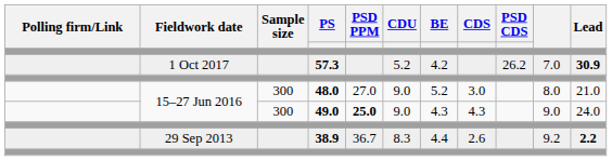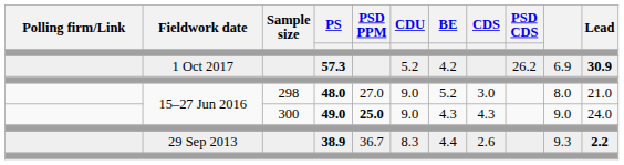 <table class="wikitable collapsible sortable" style="text-align:center; font-size:95%; line-height:16px;">
 <tr style="height:42px;">
 <th style="width:145px;" rowspan="2">Polling firm/Link</th>
 <th style="width:125px;" rowspan="2">Fieldwork date</th>
 <th class="unsortable" style="width:50px;" rowspan="2">Sample size</th>
 <th class="unsortable" style="width:35px;"><a href='#'>PS</a></th>
 <th class="unsortable" style="width:35px;"><a href='#'>PSD</a><br><a href='#'>PPM</a></th>
 <th class="unsortable" style="width:35px;"><a href='#'>CDU</a></th>
 <th class="unsortable" style="width:35px;"><a href='#'>BE</a></th>
 <th class="unsortable" style="width:35px;"><a href='#'>CDS</a></th>
 <th class="unsortable" style="width:35px;"><a href='#'>PSD</a><br><a href='#'>CDS</a></th>
 <th class="unsortable" style="width:35px;" rowspan="2"></th>
 <th class="unsortable" style="width:30px;" rowspan="2">Lead</th>
 </tr>
 <tr>
 <th class="unsortable" style="color:inherit;background:"></th>
 <th class="unsortable" style="color:inherit;background:"></th>
 <th class="unsortable" style="color:inherit;background:"></th>
 <th class="unsortable" style="color:inherit;background:"></th>
 <th class="unsortable" style="color:inherit;background:"></th>
 <th class="unsortable" style="color:inherit;background:"></th>
 </tr>
 <tr>
 <td colspan="11" style="background:#A0A0A0"></td>
 </tr>
 <tr style="background:#EFEFEF;">
 <td><strong></strong></td>
 <td data-sort-value="2019-10-06">1 Oct 2017</td>
 <td></td>
 <td><strong>57.3</strong><br></td>
 <td></td>
 <td>5.2<br></td>
 <td>4.2<br></td>
 <td></td>
 <td>26.2<br></td>
-<td>7.0<br></td>
+<td>6.9<br></td>
 <td style="background:"><strong>30.9</strong></td>
 </tr>
 <tr>
 <td colspan="11" style="background:#A0A0A0"></td>
 </tr>
 <tr>
 <td align="center"></td>
 <td rowspan="2" align="center">15–27 Jun 2016</td>
-<td>300</td>
+<td>298</td>
 <td align="center" ><strong>48.0</strong></td>
 <td align="center">27.0</td>
 <td align="center">9.0</td>
 <td align="center">5.2</td>
 <td align="center">3.0</td>
 <td></td>
 <td align="center">8.0</td>
 <td style="background:">21.0</td>
 </tr>
 <tr>
 <td align="center"></td>
 <td>300</td>
 <td align="center" ><strong>49.0</strong></td>
 <td align="center"><strong>25.0</strong></td>
 <td align="center">9.0</td>
 <td align="center">4.3</td>
 <td align="center">4.3</td>
 <td></td>
 <td align="center">9.0</td>
 <td style="background:">24.0</td>
 </tr>
 <tr>
 <td colspan="11" style="background:#A0A0A0"></td>
 </tr>
 <tr style="background:#EFEFEF;">
 <td><strong></strong></td>
 <td data-sort-value="2019-10-06">29 Sep 2013</td>
 <td></td>
 <td><strong>38.9</strong><br></td>
 <td>36.7<br></td>
 <td>8.3<br></td>
 <td>4.4<br></td>
 <td>2.6<br></td>
 <td></td>
-<td>9.2</td>
+<td>9.3</td>
 <td style="background:"><strong>2.2</strong></td>
 </tr>
 <tr>
 <td colspan="11" style="background:#A0A0A0"></td>
 </tr>
 </table>
